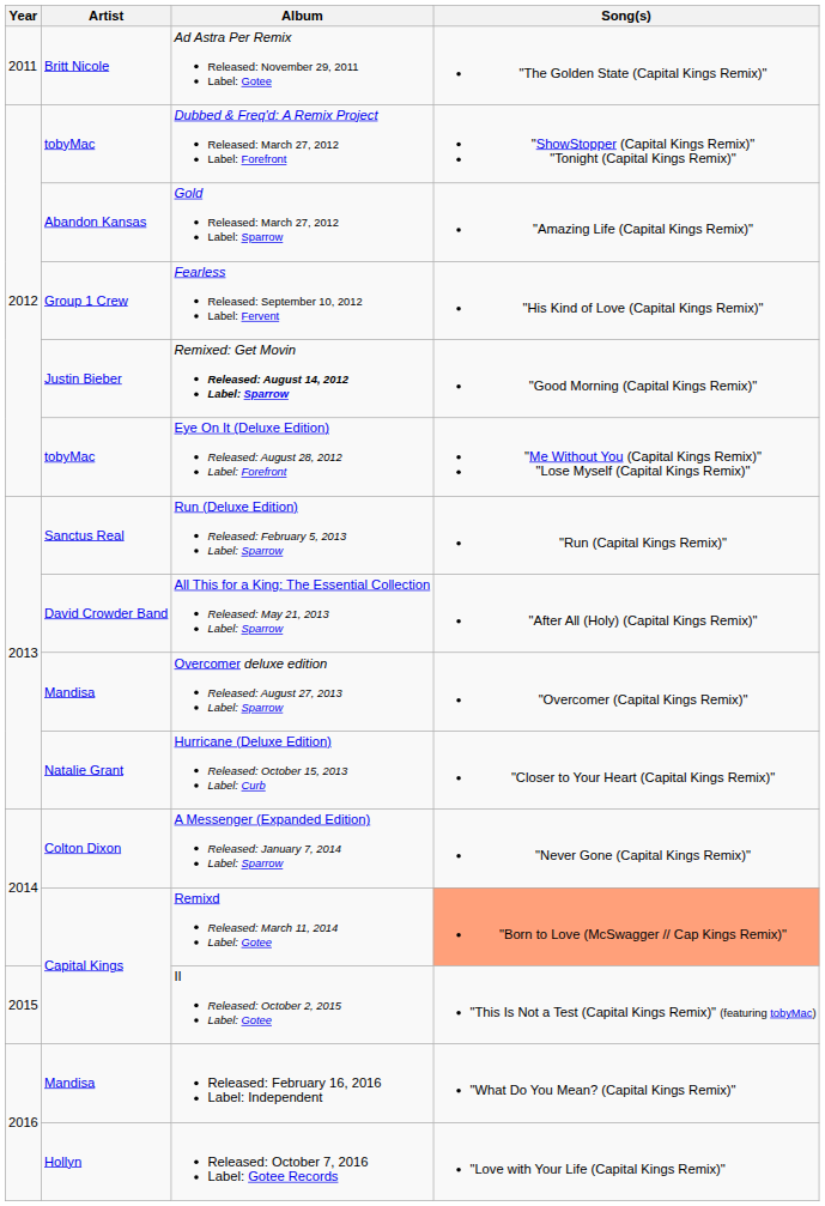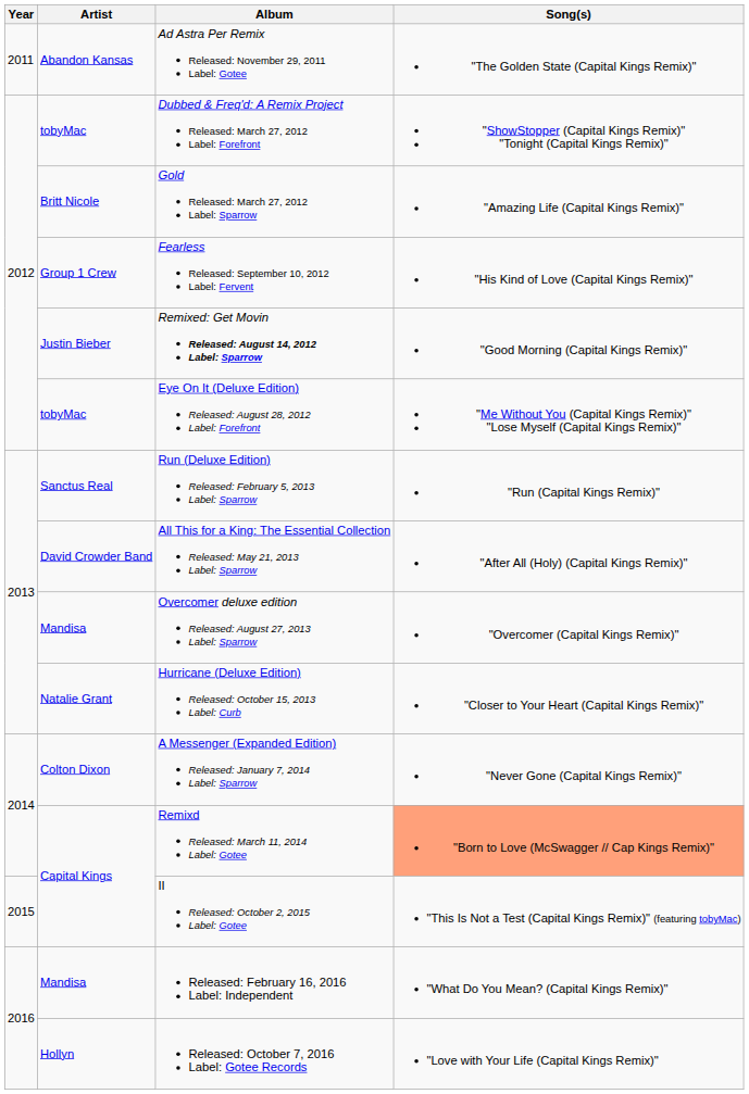 <table class="wikitable">
 <tr>
 <th>Year</th>
 <th>Artist</th>
 <th>Album</th>
 <th>Song(s)</th>
 </tr>
 <tr>
 <td>2011</td>
-<td><a href='#'>Britt Nicole</a></td>
+<td><a href='#'>Abandon Kansas</a></td>
 <td><em>Ad Astra Per Remix</em><br><ul><li><small>Released: November 29, 2011</small></li><li><small>Label: <a href='#'>Gotee</a></small></li></ul></td>
 <td style="text-align:center;"><br><ul><li>"The Golden State (Capital Kings Remix)"</li></ul></td>
 </tr>
 <tr>
 <td rowspan="5">2012</td>
 <td><a href='#'>tobyMac</a></td>
 <td><em><a href='#'>Dubbed & Freq'd: A Remix Project</a></em><br><ul><li><small>Released: March 27, 2012</small></li><li><small>Label: <a href='#'>Forefront</a></small></li></ul></td>
 <td style="text-align:center;"><br><ul><li>"<a href='#'>ShowStopper</a> (Capital Kings Remix)"</li><li>"Tonight (Capital Kings Remix)"</li></ul></td>
 </tr>
 <tr>
-<td><a href='#'>Abandon Kansas</a></td>
+<td><a href='#'>Britt Nicole</a></td>
 <td><em><a href='#'>Gold</a></em><br><ul><li><small>Released: March 27, 2012</small></li><li><small>Label: <a href='#'>Sparrow</a></small></li></ul></td>
 <td style="text-align:center;"><br><ul><li>"Amazing Life (Capital Kings Remix)"</li></ul></td>
 </tr>
 <tr>
 <td><a href='#'>Group 1 Crew</a></td>
 <td><em><a href='#'>Fearless</a></em><br><ul><li><small>Released: September 10, 2012</small></li><li><small>Label: <a href='#'>Fervent</a></small></li></ul></td>
 <td style="text-align:center;"><br><ul><li>"His Kind of Love (Capital Kings Remix)"</li></ul></td>
 </tr>
 <tr>
 <td><a href='#'>Justin Bieber</a></td>
 <td><em>Remixed: Get Movin<strong><br><ul><li><small>Released: August 14, 2012</small></li><li><small>Label: <a href='#'>Sparrow</a></small></li></ul></td>
 <td style="text-align:center;"><br><ul><li>"Good Morning (Capital Kings Remix)"</li></ul></td>
 </tr>
 <tr>
 <td><a href='#'>tobyMac</a></td>
 <td></em><a href='#'>Eye On It (Deluxe Edition)</a><em><br><ul><li><small>Released: August 28, 2012</small></li><li><small>Label: <a href='#'>Forefront</a></small></li></ul></td>
 <td style="text-align:center;"><br><ul><li>"<a href='#'>Me Without You</a> (Capital Kings Remix)"</li><li>"Lose Myself (Capital Kings Remix)"</li></ul></td>
 </tr>
 <tr>
 <td rowspan="4">2013</td>
 <td><a href='#'>Sanctus Real</a></td>
 <td></em><a href='#'>Run (Deluxe Edition)</a><em><br><ul><li><small>Released: February 5, 2013</small></li><li><small>Label: <a href='#'>Sparrow</a></small></li></ul></td>
 <td style="text-align:center;"><br><ul><li>"Run (Capital Kings Remix)"</li></ul></td>
 </tr>
 <tr>
 <td><a href='#'>David Crowder Band</a></td>
 <td></em><a href='#'>All This for a King: The Essential Collection</a><em><br><ul><li><small>Released: May 21, 2013</small></li><li><small>Label: <a href='#'>Sparrow</a></small></li></ul></td>
 <td style="text-align:center;"><br><ul><li>"After All (Holy) (Capital Kings Remix)"</li></ul></td>
 </tr>
 <tr>
 <td><a href='#'>Mandisa</a></td>
 <td></em><a href='#'>Overcomer</a><em> deluxe edition<br><ul><li><small>Released: August 27, 2013</small></li><li><small>Label: <a href='#'>Sparrow</a></small></li></ul></td>
 <td style="text-align:center;"><br><ul><li>"Overcomer (Capital Kings Remix)"</li></ul></td>
 </tr>
 <tr>
 <td><a href='#'>Natalie Grant</a></td>
 <td></em><a href='#'>Hurricane (Deluxe Edition)</a><em><br><ul><li><small>Released: October 15, 2013</small></li><li><small>Label: <a href='#'>Curb</a></small></li></ul></td>
 <td style="text-align:center;"><br><ul><li>"Closer to Your Heart (Capital Kings Remix)"</li></ul></td>
 </tr>
 <tr>
 <td rowspan="2">2014</td>
 <td><a href='#'>Colton Dixon</a></td>
 <td></em><a href='#'>A Messenger (Expanded Edition)</a><em><br><ul><li><small>Released:  January 7, 2014</small></li><li><small>Label: <a href='#'>Sparrow</a></small></li></ul></td>
 <td style="text-align:center;"><br><ul><li>"Never Gone (Capital Kings Remix)"</li></ul></td>
 </tr>
 <tr>
 <td rowspan="2"><a href='#'>Capital Kings</a></td>
 <td></em><a href='#'>Remixd</a><em><br><ul><li><small>Released:  March 11, 2014</small></li><li><small>Label: <a href='#'>Gotee</a></small></li></ul></td>
 <td style="background: lightsalmon; text-align:center;"><br><ul><li>"Born to Love (McSwagger // Cap Kings Remix)"</li></ul></td>
 </tr>
 <tr>
 <td rowspan="1">2015</td>
 <td></em>II<em><br><ul><li><small>Released:  October 2, 2015</small></li><li><small>Label: <a href='#'>Gotee</a></small></li></ul></td>
 <td style="text-align:center;"><br><ul><li>"This Is Not a Test (Capital Kings Remix)" <small>(featuring <a href='#'>tobyMac</a>)</small></li></ul></td>
 </tr>
 <tr>
 <td rowspan="2">2016</td>
 <td><a href='#'>Mandisa</a></td>
 <td><br><ul><li>Released: February 16, 2016</li><li>Label: Independent</li></ul></td>
 <td><br><ul><li>"What Do You Mean? (Capital Kings Remix)"</li></ul></td>
 </tr>
 <tr>
 <td><a href='#'>Hollyn</a></td>
 <td><br><ul><li>Released: October 7, 2016</li><li>Label: <a href='#'>Gotee Records</a></li></ul></td>
 <td><br><ul><li>"Love with Your Life (Capital Kings Remix)"</li></ul></td>
 </tr>
 </table>
